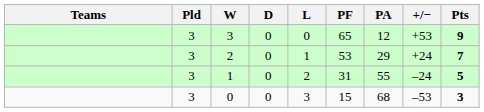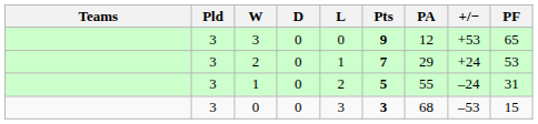 <table class="wikitable" style="text-align: center;">
 <tr>
 <th width="200">Teams</th>
 <th width="40">Pld</th>
 <th width="40">W</th>
 <th width="40">D</th>
 <th width="40">L</th>
-<th width="40">PF</th>
+<th width="40">Pts</th>
 <th width="40">PA</th>
 <th width="40">+/−</th>
-<th width="40">Pts</th>
+<th width="40">PF</th>
 </tr>
 <tr style="background:#cfc; width:20px;">
 <td align=left></td>
 <td>3</td>
 <td>3</td>
 <td>0</td>
 <td>0</td>
-<td>65</td>
+<td><strong>9</strong></td>
 <td>12</td>
 <td>+53</td>
-<td><strong>9</strong></td>
+<td>65</td>
 </tr>
 <tr style="background:#cfc; width:20px;">
 <td align=left></td>
 <td>3</td>
 <td>2</td>
 <td>0</td>
 <td>1</td>
-<td>53</td>
+<td><strong>7</strong></td>
 <td>29</td>
 <td>+24</td>
-<td><strong>7</strong></td>
+<td>53</td>
 </tr>
 <tr style="background:#cfc; width:20px;">
 <td align=left></td>
 <td>3</td>
 <td>1</td>
 <td>0</td>
 <td>2</td>
-<td>31</td>
+<td><strong>5</strong></td>
 <td>55</td>
 <td>–24</td>
-<td><strong>5</strong></td>
+<td>31</td>
 </tr>
 <tr>
 <td align=left></td>
 <td>3</td>
 <td>0</td>
 <td>0</td>
 <td>3</td>
-<td>15</td>
+<td><strong>3</strong></td>
 <td>68</td>
 <td>–53</td>
-<td><strong>3</strong></td>
+<td>15</td>
 </tr>
 </table>
